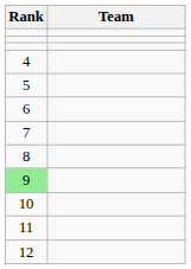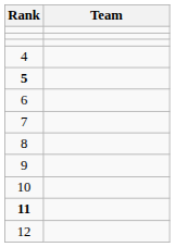 <table class="wikitable">
 <tr>
 <th>Rank</th>
 <th width=140>Team</th>
 </tr>
 <tr>
 <td align=center></td>
 <td></td>
 </tr>
 <tr>
 <td align=center></td>
 <td></td>
 </tr>
 <tr>
 <td align=center></td>
 <td></td>
 </tr>
 <tr>
 <td align=center>4</td>
 <td></td>
 </tr>
 <tr>
-<td align=center>5</td>
+<td align=center><strong>5</strong></td>
 <td></td>
 </tr>
 <tr>
 <td align=center>6</td>
 <td></td>
 </tr>
 <tr>
 <td align=center>7</td>
 <td></td>
 </tr>
 <tr>
 <td align=center>8</td>
 <td></td>
 </tr>
 <tr>
-<td align=center style="background: lightgreen;">9</td>
+<td align=center>9</td>
 <td></td>
 </tr>
 <tr>
 <td align=center>10</td>
 <td></td>
 </tr>
 <tr>
-<td align=center>11</td>
+<td align=center><strong>11</strong></td>
 <td></td>
 </tr>
 <tr>
 <td align=center>12</td>
 <td></td>
 </tr>
 </table>
